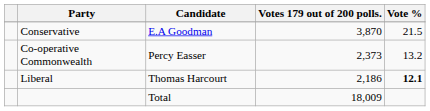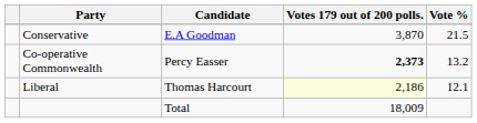 <table class="wikitable">
 <tr>
 <th></th>
 <th scope="col" width="175">Party</th>
 <th scope="col" width="150">Candidate</th>
 <th>Votes 179 out of 200 polls.</th>
 <th>Vote %</th>
 </tr>
 <tr>
 </tr>
 <tr>
 <td>   </td>
 <td>Conservative</td>
 <td><a href='#'>E.A Goodman</a></td>
 <td align=right>3,870</td>
 <td align=right>21.5</td>
 </tr>
 <tr>
 <td>   </td>
 <td>Co-operative Commonwealth</td>
 <td>Percy Easser</td>
-<td align=right>2,373</td>
+<td align=right><strong>2,373</strong></td>
 <td align=right>13.2</td>
 </tr>
 <tr>
 <td>   </td>
 <td>Liberal</td>
 <td>Thomas Harcourt</td>
-<td align=right>2,186</td>
-<td align=right><strong>12.1</strong></td>
+<td align=right style="background: lightyellow;">2,186</td>
+<td align=right>12.1</td>
 </tr>
 <tr>
 <td></td>
 <td></td>
 <td>Total</td>
 <td align=right>18,009</td>
 <td></td>
 </tr>
 </table>
